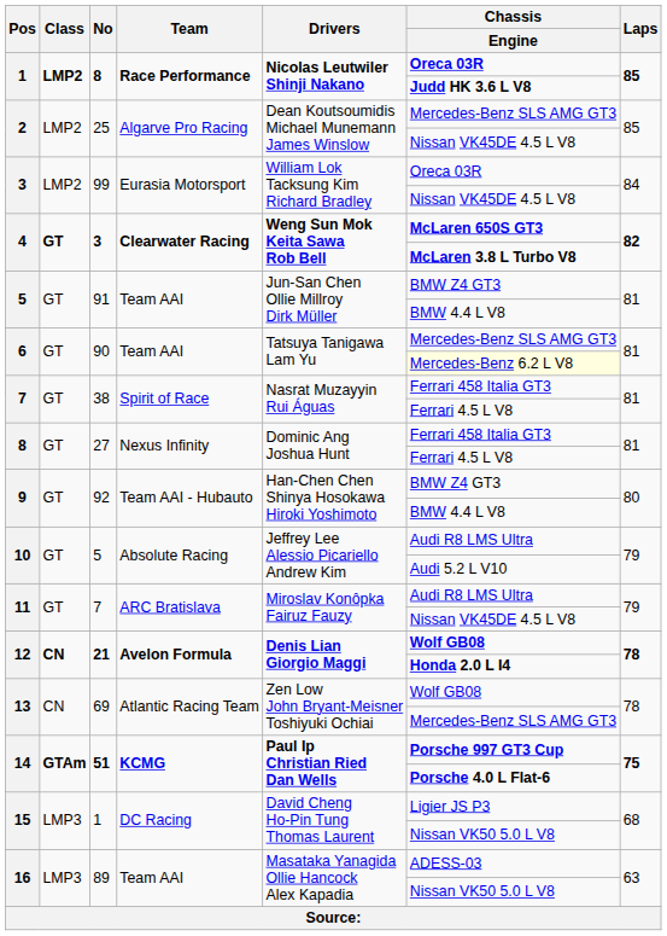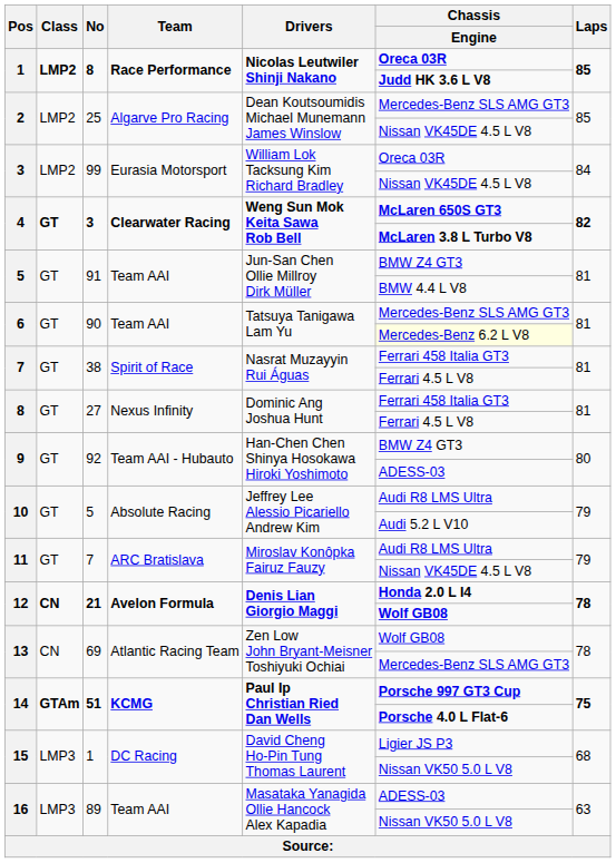 <table class="wikitable">
 <tr>
 <th rowspan="2">Pos</th>
 <th rowspan="2">Class</th>
 <th rowspan="2">No</th>
 <th rowspan="2">Team</th>
 <th rowspan="2">Drivers</th>
 <th>Chassis</th>
 <th rowspan="2">Laps</th>
 </tr>
 <tr>
 <th>Engine</th>
 </tr>
 <tr>
 <th rowspan="2">1</th>
 <td rowspan="2"><strong>LMP2</strong></td>
 <td rowspan="2"><strong>8</strong></td>
 <td rowspan="2"><strong> Race Performance</strong></td>
 <td rowspan="2"><strong> Nicolas Leutwiler</strong><br><strong> <a href='#'>Shinji Nakano</a></strong></td>
 <td><a href='#'><strong>Oreca 03R</strong></a></td>
 <td rowspan="2"><strong>85</strong></td>
 </tr>
 <tr>
 <td><strong><a href='#'>Judd</a> HK 3.6 L V8</strong></td>
 </tr>
 <tr>
 <th rowspan="2">2</th>
 <td rowspan="2">LMP2</td>
 <td rowspan="2">25</td>
 <td rowspan="2"> <a href='#'>Algarve Pro Racing</a></td>
 <td rowspan="2"> Dean Koutsoumidis<br> Michael Munemann<br> <a href='#'>James Winslow</a></td>
 <td><a href='#'>Mercedes-Benz SLS AMG GT3</a></td>
 <td rowspan="2">85</td>
 </tr>
 <tr>
 <td><a href='#'>Nissan</a> <a href='#'>VK45DE</a> 4.5 L V8</td>
 </tr>
 <tr>
 <th rowspan="2">3</th>
 <td rowspan="2">LMP2</td>
 <td rowspan="2">99</td>
 <td rowspan="2"> Eurasia Motorsport</td>
 <td rowspan="2"> <a href='#'>William Lok</a><br> Tacksung Kim<br> <a href='#'>Richard Bradley</a></td>
 <td><a href='#'>Oreca 03R</a></td>
 <td rowspan="2">84</td>
 </tr>
 <tr>
 <td><a href='#'>Nissan</a> <a href='#'>VK45DE</a> 4.5 L V8</td>
 </tr>
 <tr>
 <th rowspan="2">4</th>
 <td rowspan="2"><strong>GT</strong></td>
 <td rowspan="2"><strong>3</strong></td>
 <td rowspan="2"><strong> Clearwater Racing</strong></td>
 <td rowspan="2"><strong> Weng Sun Mok</strong><br><strong> <a href='#'>Keita Sawa</a><br> <a href='#'>Rob Bell</a></strong></td>
 <td><a href='#'><strong>McLaren 650S GT3</strong></a></td>
 <td rowspan="2"><strong>82</strong></td>
 </tr>
 <tr>
 <td><strong><a href='#'>McLaren</a> 3.8 L Turbo V8</strong></td>
 </tr>
 <tr>
 <th rowspan="2">5</th>
 <td rowspan="2">GT</td>
 <td rowspan="2">91</td>
 <td rowspan="2"> Team AAI</td>
 <td rowspan="2"> Jun-San Chen<br> Ollie Millroy<br> <a href='#'>Dirk Müller</a></td>
 <td><a href='#'>BMW Z4 GT3</a></td>
 <td rowspan="2">81</td>
 </tr>
 <tr>
 <td><a href='#'>BMW</a> 4.4 L V8</td>
 </tr>
 <tr>
 <th rowspan="2">6</th>
 <td rowspan="2">GT</td>
 <td rowspan="2">90</td>
 <td rowspan="2"> Team AAI</td>
 <td rowspan="2"> Tatsuya Tanigawa<br> Lam Yu</td>
 <td><a href='#'>Mercedes-Benz SLS AMG GT3</a></td>
 <td rowspan="2">81</td>
 </tr>
 <tr>
 <td style="background: lightyellow;"><a href='#'>Mercedes-Benz</a> 6.2 L V8</td>
 </tr>
 <tr>
 <th rowspan="2">7</th>
 <td rowspan="2">GT</td>
 <td rowspan="2">38</td>
 <td rowspan="2"> <a href='#'>Spirit of Race</a></td>
 <td rowspan="2"> Nasrat Muzayyin<br> <a href='#'>Rui Águas</a></td>
 <td><a href='#'>Ferrari 458 Italia GT3</a></td>
 <td rowspan="2">81</td>
 </tr>
 <tr>
 <td><a href='#'>Ferrari</a> 4.5 L V8</td>
 </tr>
 <tr>
 <th rowspan="2">8</th>
 <td rowspan="2">GT</td>
 <td rowspan="2">27</td>
 <td rowspan="2"> Nexus Infinity</td>
 <td rowspan="2"> Dominic Ang<br> Joshua Hunt</td>
 <td><a href='#'>Ferrari 458 Italia GT3</a></td>
 <td rowspan="2">81</td>
 </tr>
 <tr>
 <td><a href='#'>Ferrari</a> 4.5 L V8</td>
 </tr>
 <tr>
 <th rowspan="2">9</th>
 <td rowspan="2">GT</td>
 <td rowspan="2">92</td>
 <td rowspan="2"> Team AAI - Hubauto</td>
 <td rowspan="2"> Han-Chen Chen<br> Shinya Hosokawa<br> <a href='#'>Hiroki Yoshimoto</a></td>
 <td><a href='#'>BMW Z4</a> GT3</td>
 <td rowspan="2">80</td>
 </tr>
 <tr>
-<td><a href='#'>BMW</a> 4.4 L V8</td>
+<td><a href='#'>ADESS-03</a></td>
 </tr>
 <tr>
 <th rowspan="2">10</th>
 <td rowspan="2">GT</td>
 <td rowspan="2">5</td>
 <td rowspan="2"> Absolute Racing</td>
 <td rowspan="2"> Jeffrey Lee<br> <a href='#'>Alessio Picariello</a><br> Andrew Kim</td>
 <td><a href='#'>Audi R8 LMS Ultra</a></td>
 <td rowspan="2">79</td>
 </tr>
 <tr>
 <td><a href='#'>Audi</a> 5.2 L V10</td>
 </tr>
 <tr>
 <th rowspan="2">11</th>
 <td rowspan="2">GT</td>
 <td rowspan="2">7</td>
 <td rowspan="2"> <a href='#'>ARC Bratislava</a></td>
 <td rowspan="2"> <a href='#'>Miroslav Konôpka</a><br> <a href='#'>Fairuz Fauzy</a></td>
 <td><a href='#'>Audi R8 LMS Ultra</a></td>
 <td rowspan="2">79</td>
 </tr>
 <tr>
 <td><a href='#'>Nissan</a> <a href='#'>VK45DE</a> 4.5 L V8</td>
 </tr>
 <tr>
 <th rowspan="2">12</th>
 <td rowspan="2"><strong>CN</strong></td>
 <td rowspan="2"><strong>21</strong></td>
 <td rowspan="2"><strong> Avelon Formula</strong></td>
 <td rowspan="2"><strong> <a href='#'>Denis Lian</a></strong><br><strong> <a href='#'>Giorgio Maggi</a></strong></td>
-<td><strong><a href='#'>Wolf GB08</a></strong></td>
+<td><strong><a href='#'>Honda</a> 2.0 L I4</strong></td>
 <td rowspan="2"><strong>78</strong></td>
 </tr>
 <tr>
-<td><strong><a href='#'>Honda</a> 2.0 L I4</strong></td>
+<td><strong><a href='#'>Wolf GB08</a></strong></td>
 </tr>
 <tr>
 <th rowspan="2">13</th>
 <td rowspan="2">CN</td>
 <td rowspan="2">69</td>
 <td rowspan="2"> Atlantic Racing Team</td>
 <td rowspan="2"> Zen Low<br> <a href='#'>John Bryant-Meisner</a><br> Toshiyuki Ochiai</td>
 <td><a href='#'>Wolf GB08</a></td>
 <td rowspan="2">78</td>
 </tr>
 <tr>
 <td><a href='#'>Mercedes-Benz SLS AMG GT3</a></td>
 </tr>
 <tr>
 <th rowspan="2">14</th>
 <td rowspan="2"><strong>GTAm</strong></td>
 <td rowspan="2"><strong>51</strong></td>
 <td rowspan="2"><strong> <a href='#'>KCMG</a></strong></td>
 <td rowspan="2"><strong> Paul Ip</strong><br><strong> <a href='#'>Christian Ried</a></strong><br><strong> <a href='#'>Dan Wells</a></strong></td>
 <td><a href='#'><strong>Porsche 997 GT3 Cup</strong></a></td>
 <td rowspan="2"><strong>75</strong></td>
 </tr>
 <tr>
 <td><strong><a href='#'>Porsche</a> 4.0 L Flat-6</strong></td>
 </tr>
 <tr>
 <th rowspan="2">15</th>
 <td rowspan="2">LMP3</td>
 <td rowspan="2">1</td>
 <td rowspan="2"> <a href='#'>DC Racing</a></td>
 <td rowspan="2"> <a href='#'>David Cheng</a><br> <a href='#'>Ho-Pin Tung</a><br> <a href='#'>Thomas Laurent</a></td>
 <td><a href='#'>Ligier JS P3</a></td>
 <td rowspan="2">68</td>
 </tr>
 <tr>
 <td><a href='#'>Nissan VK50 5.0 L V8</a></td>
 </tr>
 <tr>
 <th rowspan="2">16</th>
 <td rowspan="2">LMP3</td>
 <td rowspan="2">89</td>
 <td rowspan="2"> Team AAI</td>
 <td rowspan="2"> <a href='#'>Masataka Yanagida</a><br> <a href='#'>Ollie Hancock</a><br> Alex Kapadia</td>
 <td><a href='#'>ADESS-03</a></td>
 <td rowspan="2">63</td>
 </tr>
 <tr>
 <td><a href='#'>Nissan VK50 5.0 L V8</a></td>
 </tr>
 <tr>
 <th colspan="7">Source:</th>
 </tr>
 </table>
